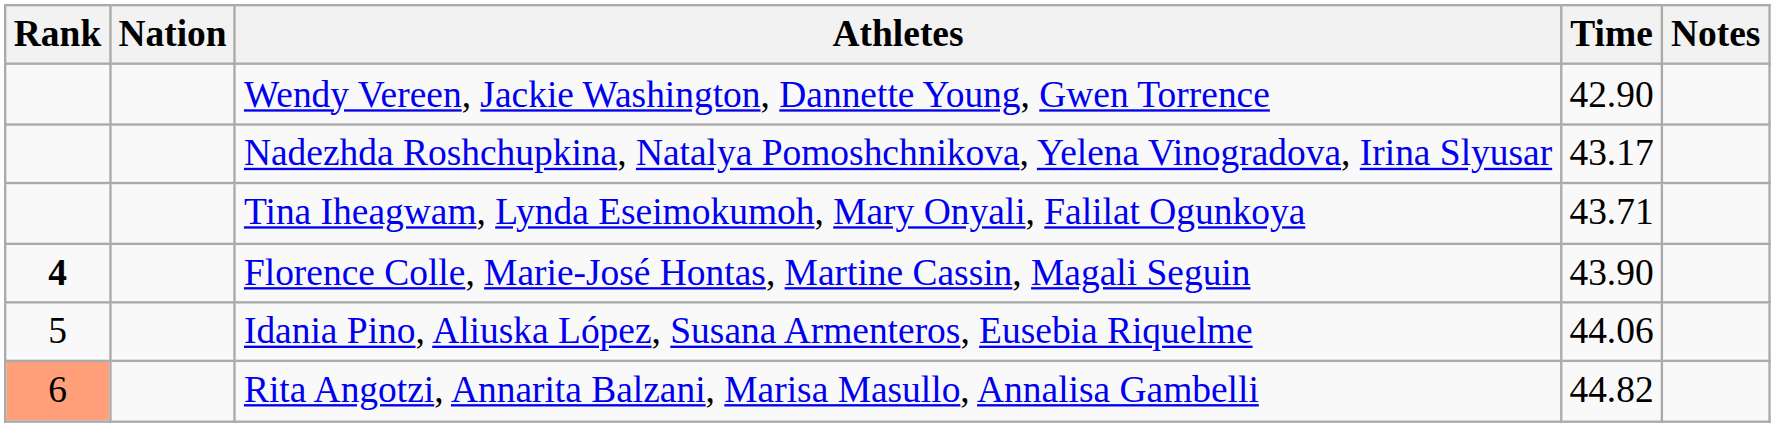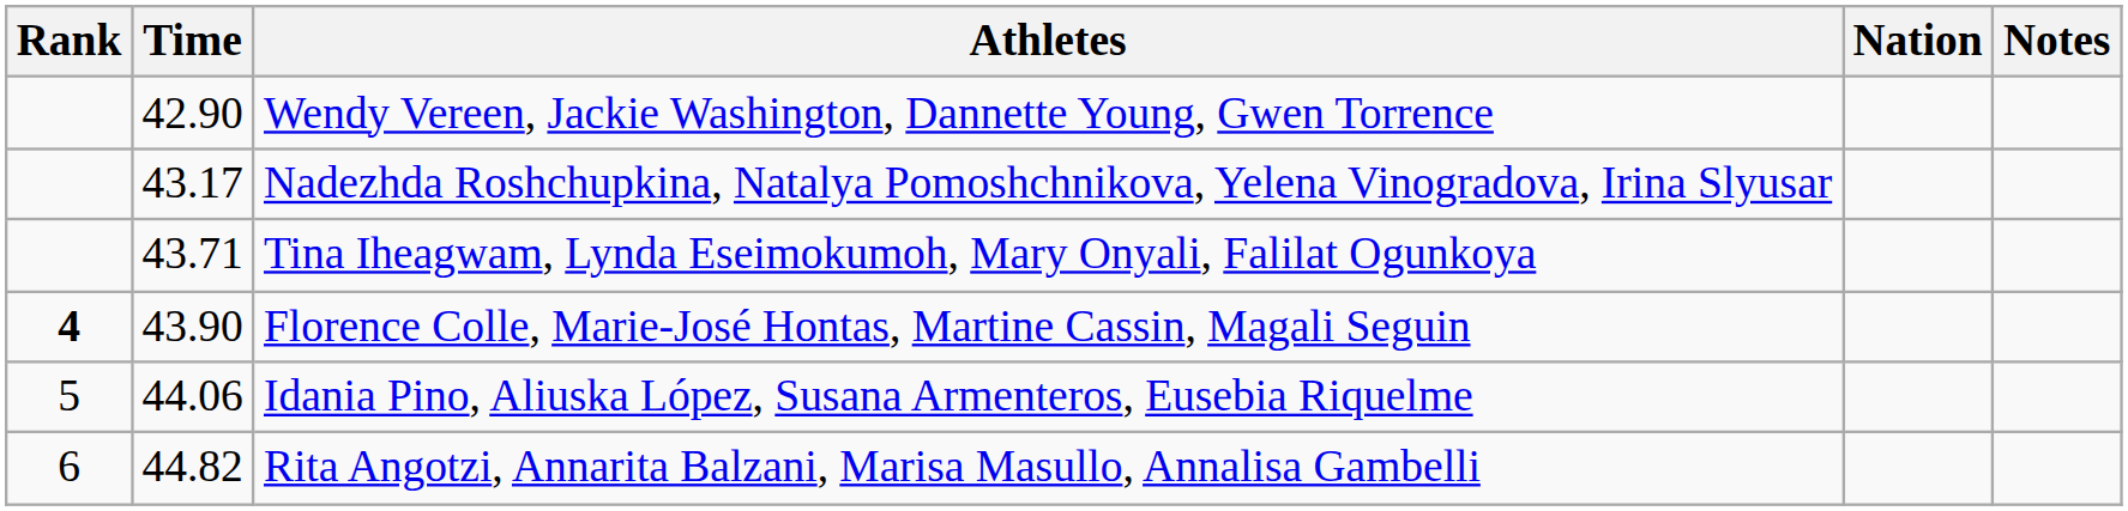 <table class="wikitable sortable" style="text-align:center">
 <tr>
 <th>Rank</th>
+<th>Time</th>
+<th>Athletes</th>
 <th>Nation</th>
-<th>Athletes</th>
-<th>Time</th>
 <th>Notes</th>
 </tr>
 <tr>
 <td></td>
+<td>42.90</td>
+<td align=left><a href='#'>Wendy Vereen</a>, <a href='#'>Jackie Washington</a>, <a href='#'>Dannette Young</a>, <a href='#'>Gwen Torrence</a></td>
 <td align=left></td>
-<td align=left><a href='#'>Wendy Vereen</a>, <a href='#'>Jackie Washington</a>, <a href='#'>Dannette Young</a>, <a href='#'>Gwen Torrence</a></td>
-<td>42.90</td>
 <td></td>
 </tr>
 <tr>
 <td></td>
+<td>43.17</td>
+<td align=left><a href='#'>Nadezhda Roshchupkina</a>, <a href='#'>Natalya Pomoshchnikova</a>, <a href='#'>Yelena Vinogradova</a>, <a href='#'>Irina Slyusar</a></td>
 <td align=left></td>
-<td align=left><a href='#'>Nadezhda Roshchupkina</a>, <a href='#'>Natalya Pomoshchnikova</a>, <a href='#'>Yelena Vinogradova</a>, <a href='#'>Irina Slyusar</a></td>
-<td>43.17</td>
 <td></td>
 </tr>
 <tr>
 <td></td>
+<td>43.71</td>
+<td align=left><a href='#'>Tina Iheagwam</a>, <a href='#'>Lynda Eseimokumoh</a>, <a href='#'>Mary Onyali</a>, <a href='#'>Falilat Ogunkoya</a></td>
 <td align=left></td>
-<td align=left><a href='#'>Tina Iheagwam</a>, <a href='#'>Lynda Eseimokumoh</a>, <a href='#'>Mary Onyali</a>, <a href='#'>Falilat Ogunkoya</a></td>
-<td>43.71</td>
 <td></td>
 </tr>
 <tr>
 <td><strong>4</strong></td>
+<td>43.90</td>
+<td align=left><a href='#'>Florence Colle</a>, <a href='#'>Marie-José Hontas</a>, <a href='#'>Martine Cassin</a>, <a href='#'>Magali Seguin</a></td>
 <td align=left></td>
-<td align=left><a href='#'>Florence Colle</a>, <a href='#'>Marie-José Hontas</a>, <a href='#'>Martine Cassin</a>, <a href='#'>Magali Seguin</a></td>
-<td>43.90</td>
 <td></td>
 </tr>
 <tr>
 <td>5</td>
+<td>44.06</td>
+<td align=left><a href='#'>Idania Pino</a>, <a href='#'>Aliuska López</a>, <a href='#'>Susana Armenteros</a>, <a href='#'>Eusebia Riquelme</a></td>
 <td align=left></td>
-<td align=left><a href='#'>Idania Pino</a>, <a href='#'>Aliuska López</a>, <a href='#'>Susana Armenteros</a>, <a href='#'>Eusebia Riquelme</a></td>
-<td>44.06</td>
 <td></td>
 </tr>
 <tr>
-<td style="background: lightsalmon;">6</td>
+<td>6</td>
+<td>44.82</td>
+<td align=left><a href='#'>Rita Angotzi</a>, <a href='#'>Annarita Balzani</a>, <a href='#'>Marisa Masullo</a>, <a href='#'>Annalisa Gambelli</a></td>
 <td align=left></td>
-<td align=left><a href='#'>Rita Angotzi</a>, <a href='#'>Annarita Balzani</a>, <a href='#'>Marisa Masullo</a>, <a href='#'>Annalisa Gambelli</a></td>
-<td>44.82</td>
 <td></td>
 </tr>
 </table>
